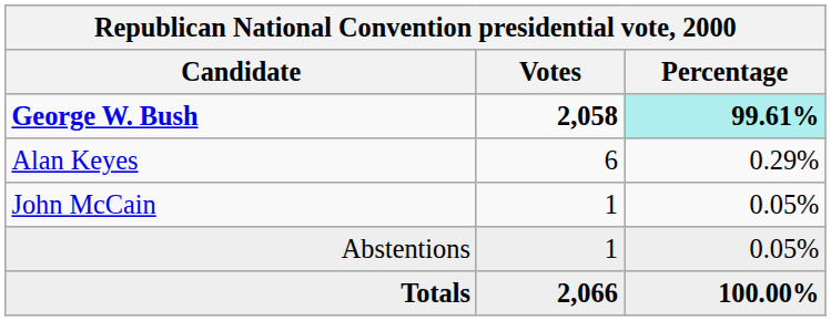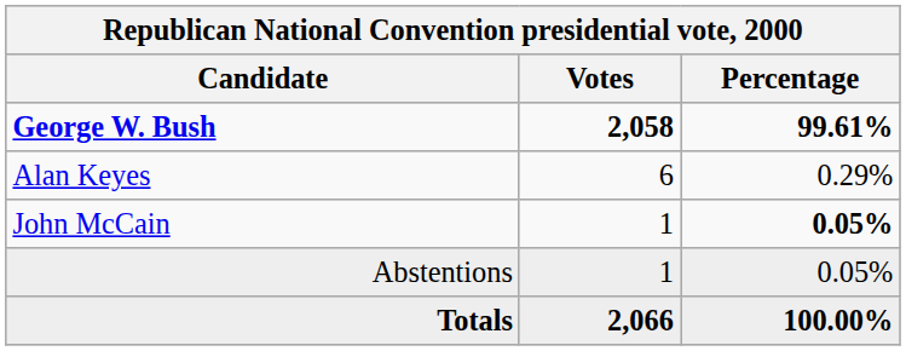 <table class="wikitable" style="font-size:95%;">
 <tr>
 <th colspan="3">Republican National Convention presidential vote, 2000</th>
 </tr>
 <tr>
 <th style="width: 17em">Candidate</th>
 <th style="width: 5em">Votes</th>
 <th style="width: 7em">Percentage</th>
 </tr>
 <tr>
 <td><strong><a href='#'>George W. Bush</a></strong></td>
 <td align="right"><strong>2,058</strong></td>
-<td align="right" style="background: paleturquoise;"><strong>99.61%</strong></td>
+<td align="right"><strong>99.61%</strong></td>
 </tr>
 <tr>
 <td><a href='#'>Alan Keyes</a></td>
 <td align="right">6</td>
 <td align="right">0.29%</td>
 </tr>
 <tr>
 <td><a href='#'>John McCain</a></td>
 <td align="right">1</td>
-<td align="right">0.05%</td>
+<td align="right"><strong>0.05%</strong></td>
 </tr>
 <tr style="background:#EEEEEE;">
 <td align="right">Abstentions</td>
 <td align="right">1</td>
 <td align="right">0.05%</td>
 </tr>
 <tr style="background:#EEEEEE;">
 <td align="right"><strong>Totals</strong></td>
 <td align="right"><strong>2,066</strong></td>
 <td align="right"><strong>100.00%</strong></td>
 </tr>
 </table>
